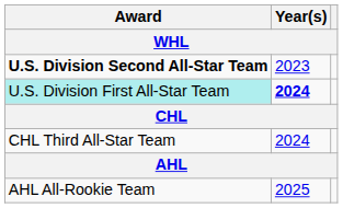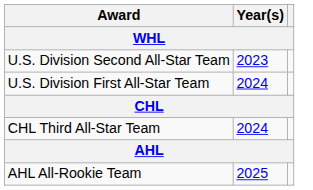 <table class="wikitable">
 <tr>
 <th>Award</th>
 <th>Year(s)</th>
 <th></th>
 </tr>
 <tr>
 <th colspan="3"><a href='#'>WHL</a></th>
 </tr>
 <tr>
-<td><strong>U.S. Division Second All-Star Team</strong></td>
+<td>U.S. Division Second All-Star Team</td>
 <td><a href='#'>2023</a></td>
 <td></td>
 </tr>
 <tr>
-<td style="background: paleturquoise;">U.S. Division First All-Star Team</td>
-<td><strong><a href='#'>2024</a></strong></td>
+<td>U.S. Division First All-Star Team</td>
+<td><a href='#'>2024</a></td>
 <td></td>
 </tr>
 <tr>
 <th colspan="3"><a href='#'>CHL</a></th>
 </tr>
 <tr>
 <td>CHL Third All-Star Team</td>
 <td><a href='#'>2024</a></td>
 <td></td>
 </tr>
 <tr>
 <th colspan="3"><a href='#'>AHL</a></th>
 </tr>
 <tr>
 <td>AHL All-Rookie Team</td>
 <td><a href='#'>2025</a></td>
 <td></td>
 </tr>
 </table>
